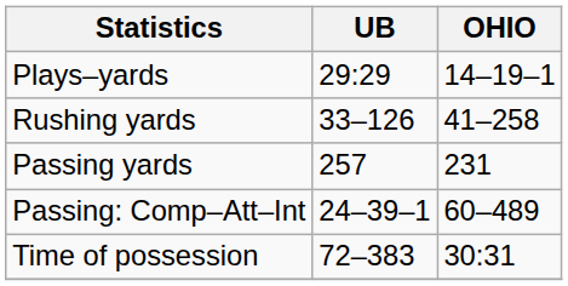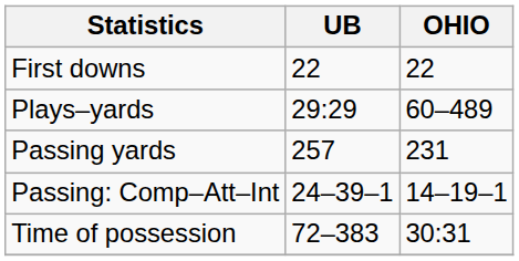 <table class="wikitable" style="float: left;">
 <tr>
 <th>Statistics</th>
 <th>UB</th>
 <th>OHIO</th>
 </tr>
 <tr>
+<td>First downs</td>
+<td>22</td>
+<td>22</td>
+</tr>
+<tr>
 <td>Plays–yards</td>
 <td>29:29</td>
-<td>14–19–1</td>
-</tr>
-<tr>
-<td>Rushing yards</td>
-<td>33–126</td>
-<td>41–258</td>
+<td>60–489</td>
 </tr>
 <tr>
 <td>Passing yards</td>
 <td>257</td>
 <td>231</td>
 </tr>
 <tr>
 <td>Passing: Comp–Att–Int</td>
 <td>24–39–1</td>
-<td>60–489</td>
+<td>14–19–1</td>
 </tr>
 <tr>
 <td>Time of possession</td>
 <td>72–383</td>
 <td>30:31</td>
 </tr>
 <tr>
 </tr>
 </table>
